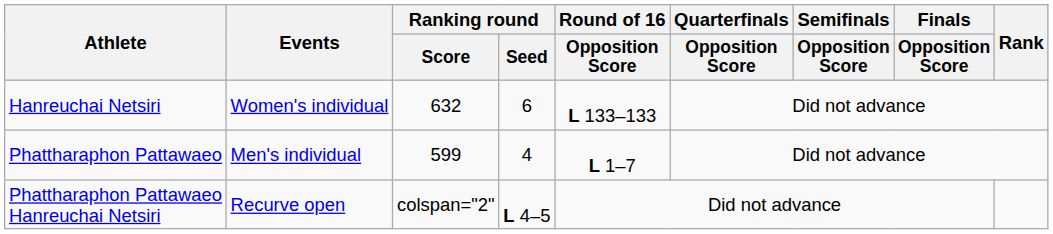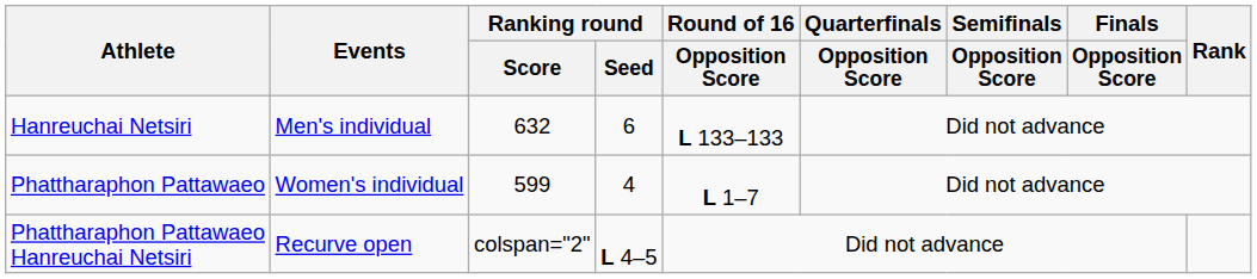 <table class=wikitable style=font-size:90%>
 <tr>
 <th rowspan="2">Athlete</th>
 <th rowspan="2">Events</th>
 <th colspan="2">Ranking round</th>
 <th>Round of 16</th>
 <th>Quarterfinals</th>
 <th>Semifinals</th>
 <th>Finals</th>
 <th rowspan="2">Rank</th>
 </tr>
 <tr style=font-size:95%>
 <th>Score</th>
 <th>Seed</th>
 <th>Opposition<br>Score</th>
 <th>Opposition<br>Score</th>
 <th>Opposition<br>Score</th>
 <th>Opposition<br>Score</th>
 </tr>
 <tr align=center>
 <td align=left><a href='#'>Hanreuchai Netsiri</a></td>
-<td align=left><a href='#'>Women's individual</a></td>
+<td align=left><a href='#'>Men's individual</a></td>
 <td>632</td>
 <td>6</td>
 <td><br><strong>L</strong> 133–133</td>
 <td colspan=4>Did not advance</td>
 </tr>
 <tr align=center>
 <td align=left><a href='#'>Phattharaphon Pattawaeo</a></td>
-<td align=left><a href='#'>Men's individual</a></td>
+<td align=left><a href='#'>Women's individual</a></td>
 <td>599</td>
 <td>4</td>
 <td><br><strong>L</strong> 1–7</td>
 <td colspan=4>Did not advance</td>
 </tr>
 <tr align=center>
 <td align=left><a href='#'>Phattharaphon Pattawaeo</a><br><a href='#'>Hanreuchai Netsiri</a></td>
 <td align=left><a href='#'>Recurve open</a></td>
 <td>colspan="2" </td>
 <td><br><strong>L</strong> 4–5</td>
 <td colspan="4">Did not advance</td>
 </tr>
 </table>
